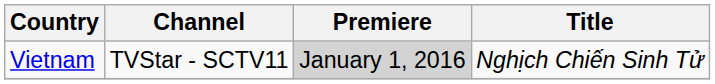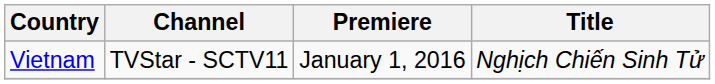 <table class=wikitable>
 <tr>
 <th>Country</th>
 <th>Channel</th>
 <th>Premiere</th>
 <th>Title</th>
 </tr>
 <tr>
 <td><a href='#'>Vietnam</a></td>
 <td>TVStar - SCTV11</td>
-<td style="background: lightgrey;">January 1, 2016</td>
+<td>January 1, 2016</td>
 <td><em>Nghịch Chiến Sinh Tử</em></td>
 </tr>
 <tr>
 </tr>
 </table>
